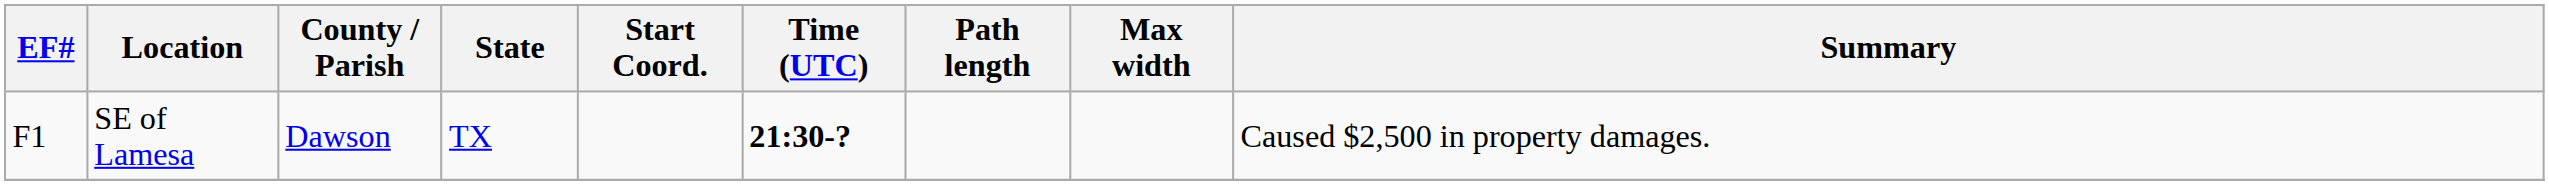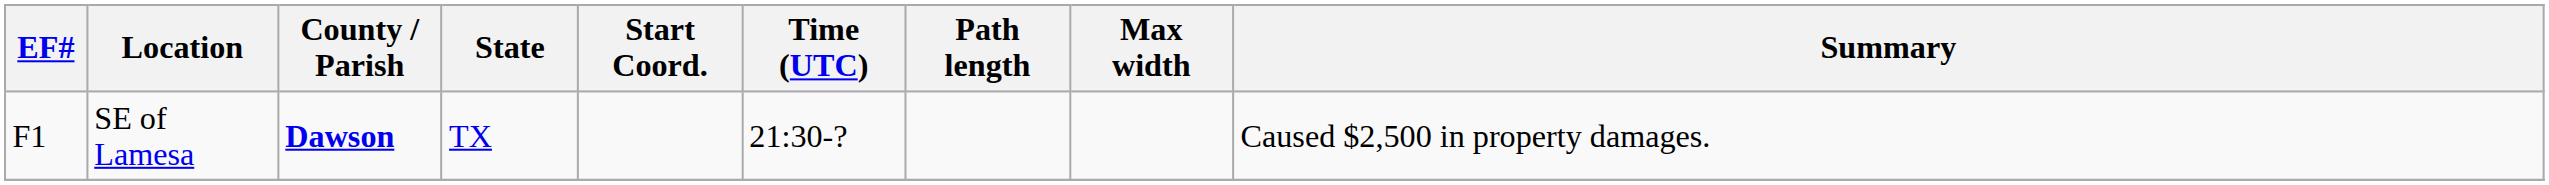 <table class="wikitable sortable" style="width:100%;">
 <tr>
 <th scope="col"  style="width:3%; text-align:center;"><a href='#'>EF#</a></th>
 <th scope="col"  style="width:7%; text-align:center;" class="unsortable">Location</th>
 <th scope="col"  style="width:6%; text-align:center;" class="unsortable">County / Parish</th>
 <th scope="col"  style="width:5%; text-align:center;">State</th>
 <th scope="col"  style="width:6%; text-align:center;">Start Coord.</th>
 <th scope="col"  style="width:6%; text-align:center;">Time (<a href='#'>UTC</a>)</th>
 <th scope="col"  style="width:6%; text-align:center;">Path length</th>
 <th scope="col"  style="width:6%; text-align:center;">Max width</th>
 <th scope="col" class="unsortable" style="width:48%; text-align:center;">Summary</th>
 </tr>
 <tr>
 <td bgcolor=>F1</td>
 <td>SE of <a href='#'>Lamesa</a></td>
-<td><a href='#'>Dawson</a></td>
+<td><strong><a href='#'>Dawson</a></strong></td>
 <td><a href='#'>TX</a></td>
 <td></td>
-<td><strong>21:30-?</strong></td>
+<td>21:30-?</td>
 <td></td>
 <td></td>
 <td>Caused $2,500 in property damages.</td>
 </tr>
 <tr>
 </tr>
 </table>
